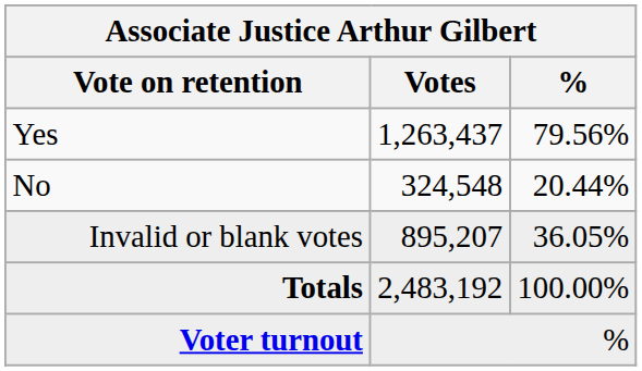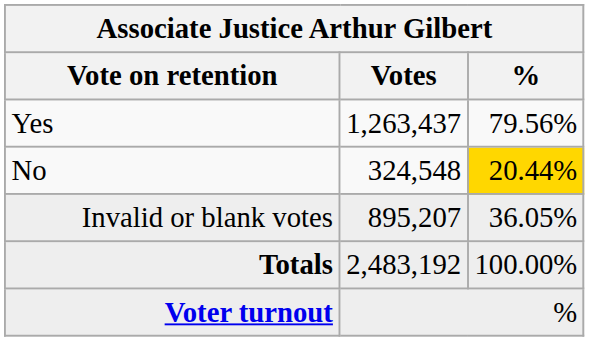 <table class="wikitable" style="font-size: 95%;">
 <tr style="background-color:#E9E9E9">
 <th colspan=7>Associate Justice Arthur Gilbert</th>
 </tr>
 <tr style="background-color:#E9E9E9">
 <th style="width: 170px">Vote on retention</th>
 <th style="width: 50px">Votes</th>
 <th style="width: 40px">%</th>
 </tr>
 <tr>
 <td>Yes</td>
 <td align="right">1,263,437</td>
 <td align="right">79.56%</td>
 </tr>
 <tr>
 <td>No</td>
 <td align="right">324,548</td>
-<td align="right">20.44%</td>
+<td align="right" style="background: gold;">20.44%</td>
 </tr>
 <tr style="background-color:#EEEEEE">
 <td align="right">Invalid or blank votes</td>
 <td align="right">895,207</td>
 <td align="right">36.05%</td>
 </tr>
 <tr style="background-color:#EEEEEE">
 <td colspan="1" align="right"><strong>Totals</strong></td>
 <td align="right">2,483,192</td>
 <td align="right">100.00%</td>
 </tr>
 <tr style="background-color:#EEEEEE">
 <td align="right"><strong><a href='#'>Voter turnout</a></strong></td>
 <td colspan="2" align="right">%</td>
 </tr>
 </table>
